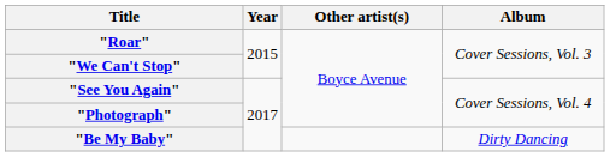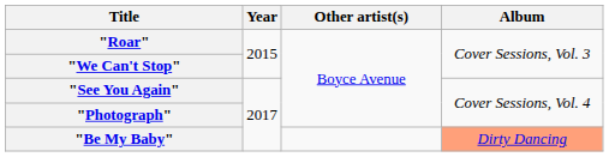 <table class="wikitable plainrowheaders" style="text-align:center;">
 <tr>
 <th scope="col" style="width:15em;">Title</th>
 <th scope="col" style="width:2em;">Year</th>
 <th scope="col" style="width:10em;">Other artist(s)</th>
 <th scope="col" style="width:10em;">Album</th>
 </tr>
 <tr>
 <th scope="row">"<a href='#'>Roar</a>"</th>
 <td rowspan="2">2015</td>
 <td rowspan="4"><a href='#'>Boyce Avenue</a></td>
 <td rowspan="2"><em>Cover Sessions, Vol. 3</em></td>
 </tr>
 <tr>
 <th scope="row">"<a href='#'>We Can't Stop</a>"</th>
 </tr>
 <tr>
 <th scope="row">"<a href='#'>See You Again</a>"</th>
 <td rowspan="3">2017</td>
 <td rowspan="2"><em>Cover Sessions, Vol. 4</em></td>
 </tr>
 <tr>
 <th scope="row">"<a href='#'>Photograph</a>"</th>
 </tr>
 <tr>
 <th scope="row">"<a href='#'>Be My Baby</a>"</th>
 <td></td>
-<td><em><a href='#'>Dirty Dancing</a></em></td>
+<td style="background: lightsalmon;"><em><a href='#'>Dirty Dancing</a></em></td>
 </tr>
 </table>
